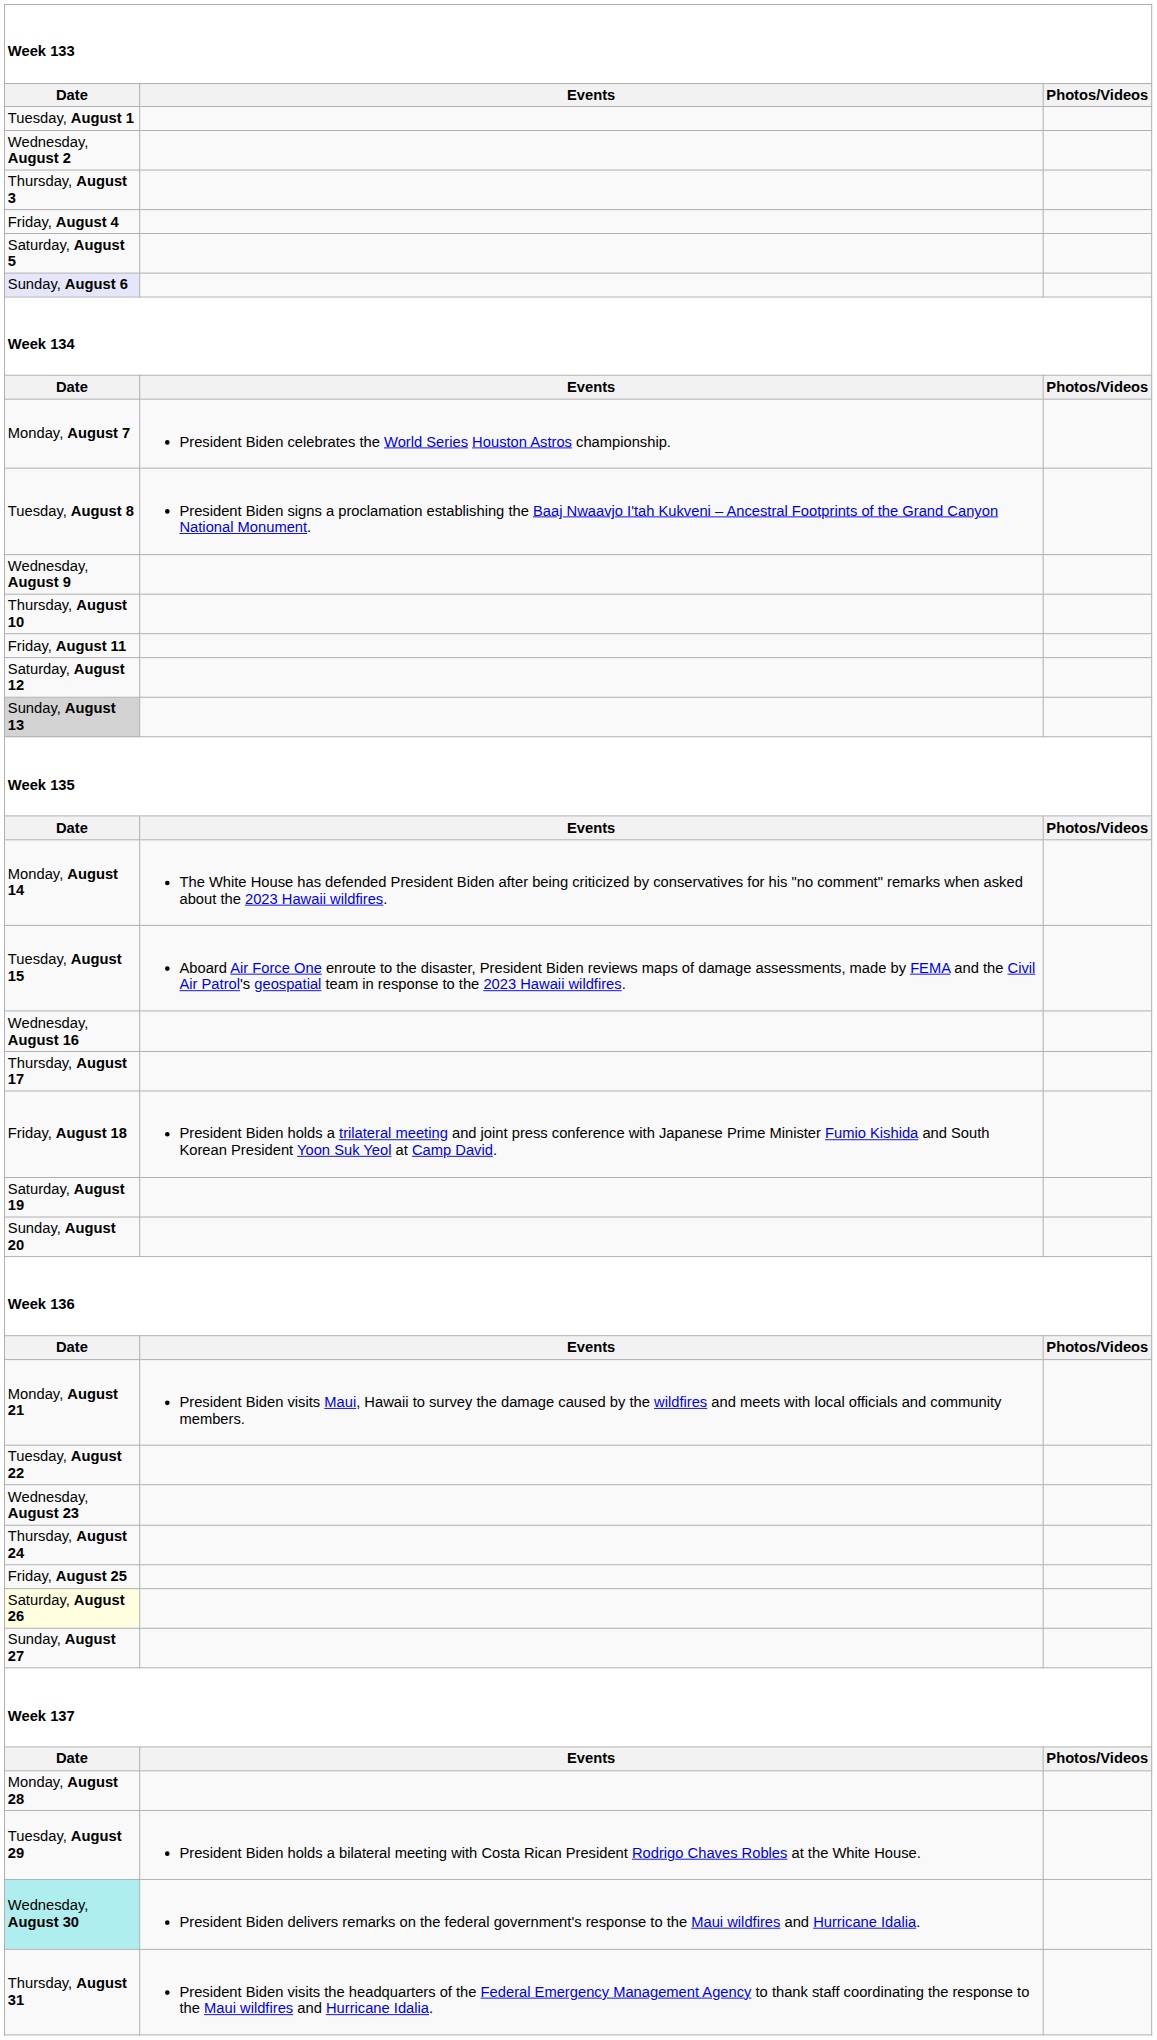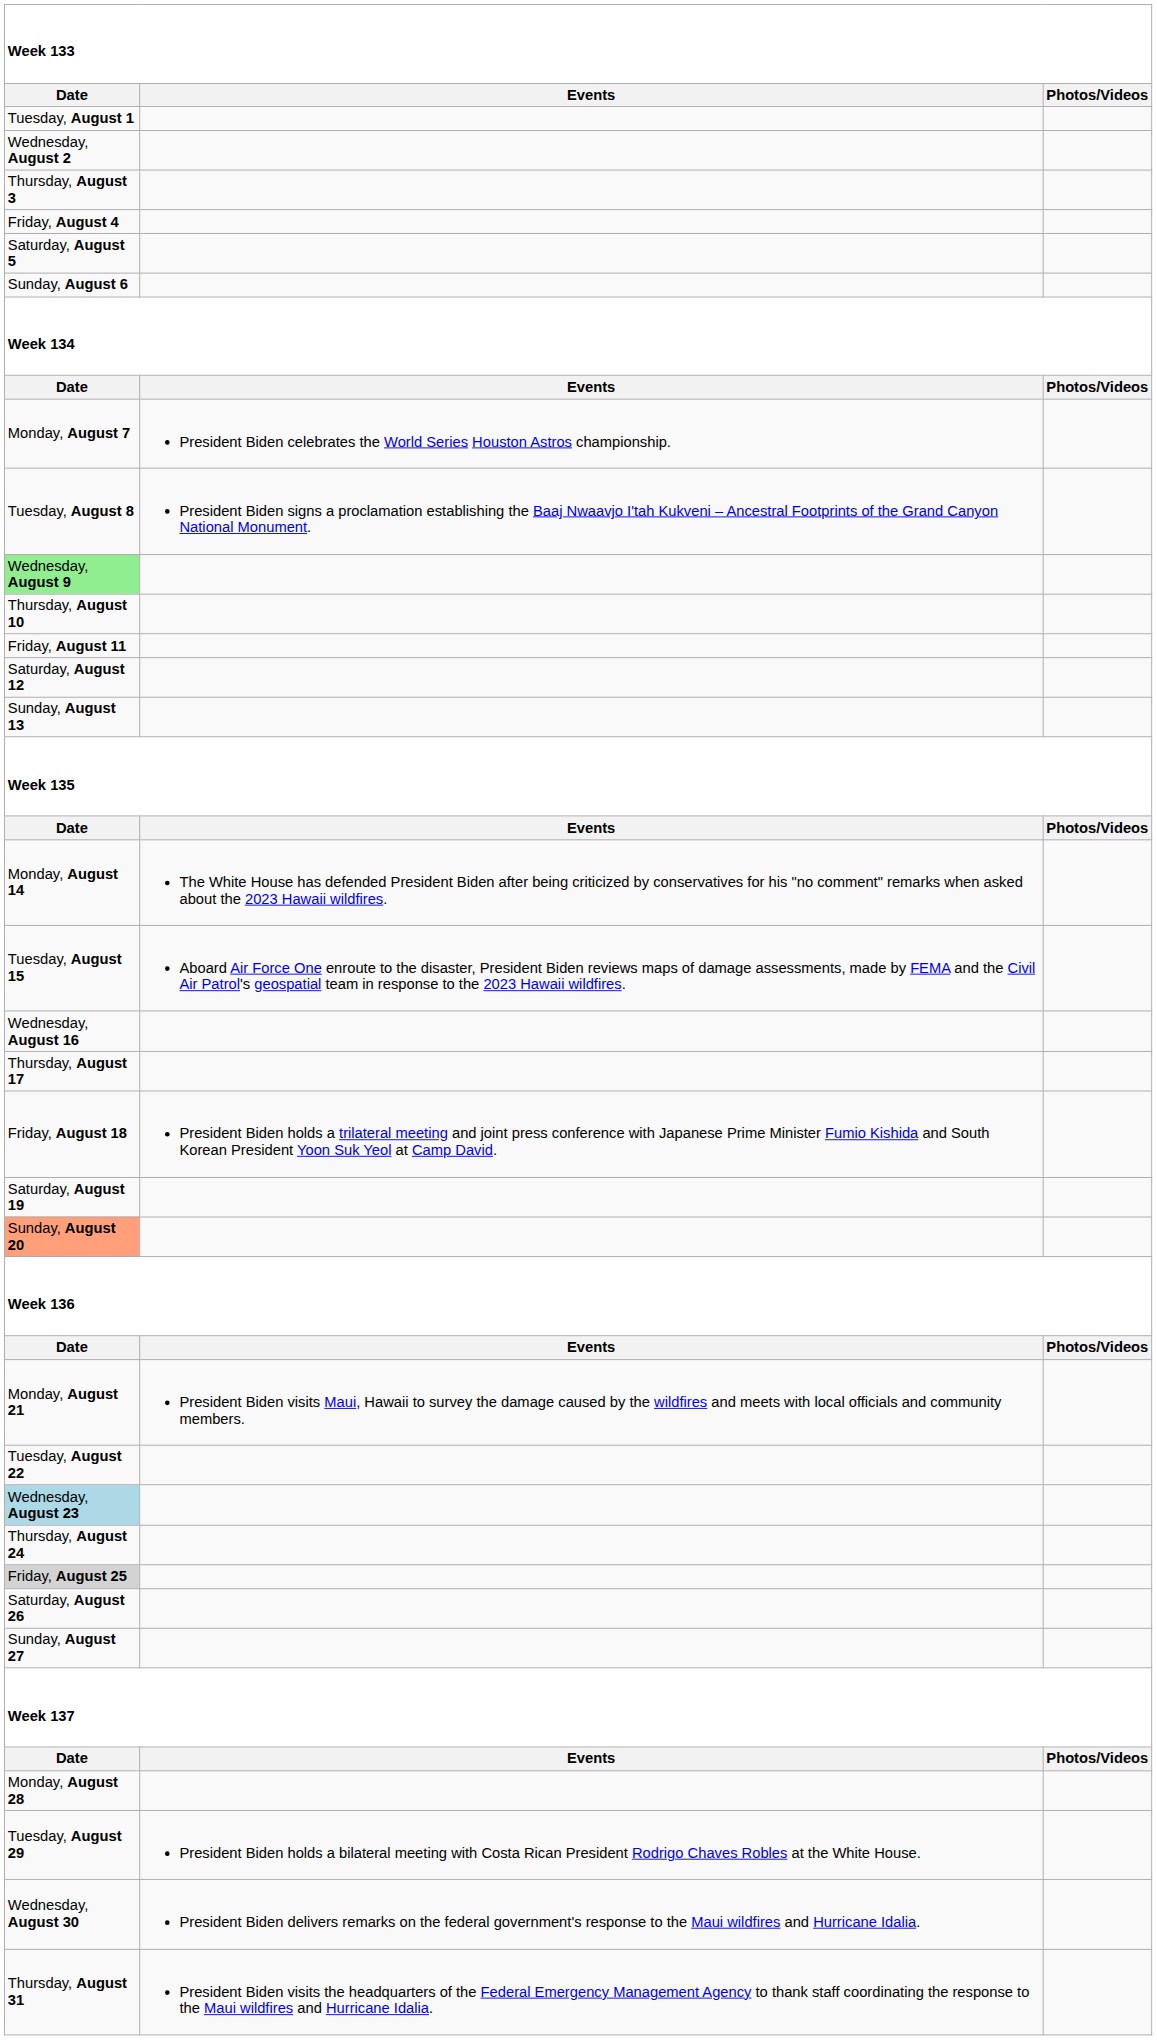 <table class="wikitable">
 <tr style="background:white;">
 <td colspan="3"><br><h4>Week 133</h4></td>
 </tr>
 <tr>
 <th>Date</th>
 <th>Events</th>
 <th>Photos/Videos</th>
 </tr>
 <tr>
 <td>Tuesday, <strong>August 1</strong></td>
 <td></td>
 <td></td>
 </tr>
 <tr>
 <td>Wednesday, <strong>August 2</strong></td>
 <td></td>
 <td></td>
 </tr>
 <tr>
 <td>Thursday, <strong>August 3</strong></td>
 <td></td>
 <td></td>
 </tr>
 <tr>
 <td>Friday, <strong>August 4</strong></td>
 <td></td>
 <td></td>
 </tr>
 <tr>
 <td>Saturday, <strong>August 5</strong></td>
 <td></td>
 <td></td>
 </tr>
 <tr>
-<td style="background: lavender;">Sunday, <strong>August 6</strong></td>
+<td>Sunday, <strong>August 6</strong></td>
 <td></td>
 <td></td>
 </tr>
 <tr style="background:white;">
 <td colspan="3"><br><h4>Week 134</h4></td>
 </tr>
 <tr>
 <th>Date</th>
 <th>Events</th>
 <th>Photos/Videos</th>
 </tr>
 <tr>
 <td>Monday, <strong>August 7</strong></td>
 <td><br><ul><li>President Biden celebrates the <a href='#'>World Series</a> <a href='#'>Houston Astros</a> championship.</li></ul></td>
 <td></td>
 </tr>
 <tr>
 <td>Tuesday, <strong>August 8</strong></td>
 <td><br><ul><li>President Biden signs a proclamation establishing the <a href='#'>Baaj Nwaavjo I'tah Kukveni – Ancestral Footprints of the Grand Canyon National Monument</a>.</li></ul></td>
 <td></td>
 </tr>
 <tr>
-<td>Wednesday, <strong>August 9</strong></td>
+<td style="background: lightgreen;">Wednesday, <strong>August 9</strong></td>
 <td></td>
 <td></td>
 </tr>
 <tr>
 <td>Thursday, <strong>August 10</strong></td>
 <td></td>
 <td></td>
 </tr>
 <tr>
 <td>Friday, <strong>August 11</strong></td>
 <td></td>
 <td></td>
 </tr>
 <tr>
 <td>Saturday, <strong>August 12</strong></td>
 <td></td>
 <td></td>
 </tr>
 <tr>
-<td style="background: lightgrey;">Sunday, <strong>August 13</strong></td>
+<td>Sunday, <strong>August 13</strong></td>
 <td></td>
 <td></td>
 </tr>
 <tr style="background:white;">
 <td colspan="3"><br><h4>Week 135</h4></td>
 </tr>
 <tr>
 <th>Date</th>
 <th>Events</th>
 <th>Photos/Videos</th>
 </tr>
 <tr>
 <td>Monday, <strong>August 14</strong></td>
 <td><br><ul><li>The White House has defended President Biden after being criticized by conservatives for his "no comment" remarks when asked about the <a href='#'>2023 Hawaii wildfires</a>.</li></ul></td>
 <td></td>
 </tr>
 <tr>
 <td>Tuesday, <strong>August 15</strong></td>
 <td><br><ul><li>Aboard <a href='#'>Air Force One</a> enroute to the disaster, President Biden reviews maps of damage assessments, made by <a href='#'>FEMA</a> and the <a href='#'>Civil Air Patrol</a>'s <a href='#'>geospatial</a> team in response to the <a href='#'>2023 Hawaii wildfires</a>.</li></ul></td>
 <td></td>
 </tr>
 <tr>
 <td>Wednesday, <strong>August 16</strong></td>
 <td></td>
 <td></td>
 </tr>
 <tr>
 <td>Thursday, <strong>August 17</strong></td>
 <td></td>
 <td></td>
 </tr>
 <tr>
 <td>Friday, <strong>August 18</strong></td>
 <td><br><ul><li>President Biden holds a <a href='#'>trilateral meeting</a> and joint press conference with Japanese Prime Minister <a href='#'>Fumio Kishida</a> and South Korean President <a href='#'>Yoon Suk Yeol</a> at <a href='#'>Camp David</a>.</li></ul></td>
 <td></td>
 </tr>
 <tr>
 <td>Saturday, <strong>August 19</strong></td>
 <td></td>
 <td></td>
 </tr>
 <tr>
-<td>Sunday, <strong>August 20</strong></td>
+<td style="background: lightsalmon;">Sunday, <strong>August 20</strong></td>
 <td></td>
 <td></td>
 </tr>
 <tr style="background:white;">
 <td colspan="3"><br><h4>Week 136</h4></td>
 </tr>
 <tr>
 <th>Date</th>
 <th>Events</th>
 <th>Photos/Videos</th>
 </tr>
 <tr>
 <td>Monday, <strong>August 21</strong></td>
 <td><br><ul><li>President Biden visits <a href='#'>Maui</a>, Hawaii to survey the damage caused by the <a href='#'>wildfires</a> and meets with local officials and community members.</li></ul></td>
 <td></td>
 </tr>
 <tr>
 <td>Tuesday, <strong>August 22</strong></td>
 <td></td>
 <td></td>
 </tr>
 <tr>
-<td>Wednesday, <strong>August 23</strong></td>
+<td style="background: lightblue;">Wednesday, <strong>August 23</strong></td>
 <td></td>
 <td></td>
 </tr>
 <tr>
 <td>Thursday, <strong>August 24</strong></td>
 <td></td>
 <td></td>
 </tr>
 <tr>
-<td>Friday, <strong>August 25</strong></td>
+<td style="background: lightgrey;">Friday, <strong>August 25</strong></td>
 <td></td>
 <td></td>
 </tr>
 <tr>
-<td style="background: lightyellow;">Saturday, <strong>August 26</strong></td>
+<td>Saturday, <strong>August 26</strong></td>
 <td></td>
 <td></td>
 </tr>
 <tr>
 <td>Sunday, <strong>August 27</strong></td>
 <td></td>
 <td></td>
 </tr>
 <tr style="background:white;">
 <td colspan="3"><br><h4>Week 137</h4></td>
 </tr>
 <tr>
 <th>Date</th>
 <th>Events</th>
 <th>Photos/Videos</th>
 </tr>
 <tr>
 <td>Monday, <strong>August 28</strong></td>
 <td></td>
 <td></td>
 </tr>
 <tr>
 <td>Tuesday, <strong>August 29</strong></td>
 <td><br><ul><li>President Biden holds a bilateral meeting with Costa Rican President <a href='#'>Rodrigo Chaves Robles</a> at the White House.</li></ul></td>
 <td></td>
 </tr>
 <tr>
-<td style="background: paleturquoise;">Wednesday, <strong>August 30</strong></td>
+<td>Wednesday, <strong>August 30</strong></td>
 <td><br><ul><li>President Biden delivers remarks on the federal government's response to the <a href='#'>Maui wildfires</a> and <a href='#'>Hurricane Idalia</a>.</li></ul></td>
 <td></td>
 </tr>
 <tr>
 <td>Thursday, <strong>August 31</strong></td>
 <td><br><ul><li>President Biden visits the headquarters of the <a href='#'>Federal Emergency Management Agency</a> to thank staff coordinating the response to the <a href='#'>Maui wildfires</a> and <a href='#'>Hurricane Idalia</a>.</li></ul></td>
 <td></td>
 </tr>
 </table>
